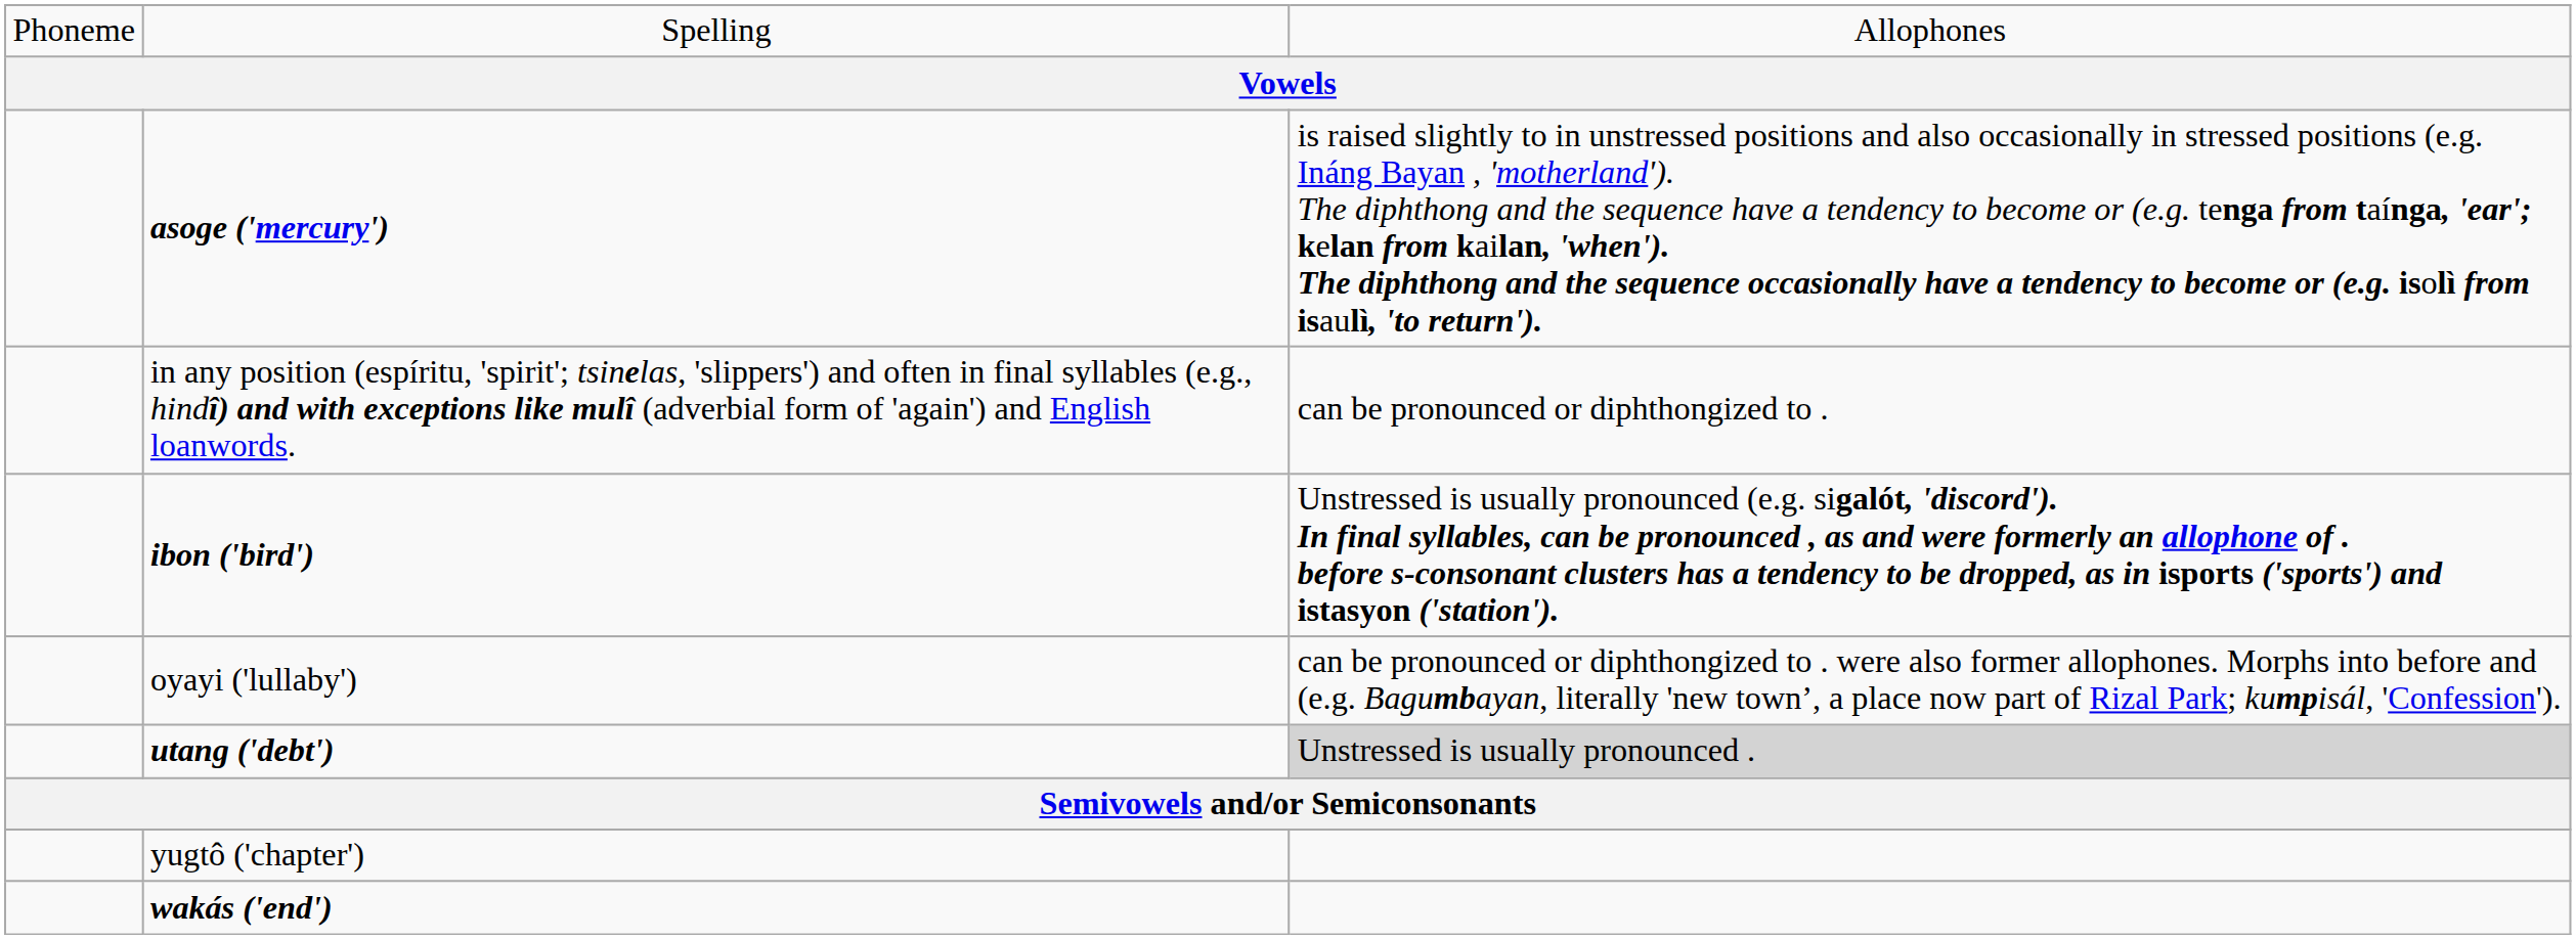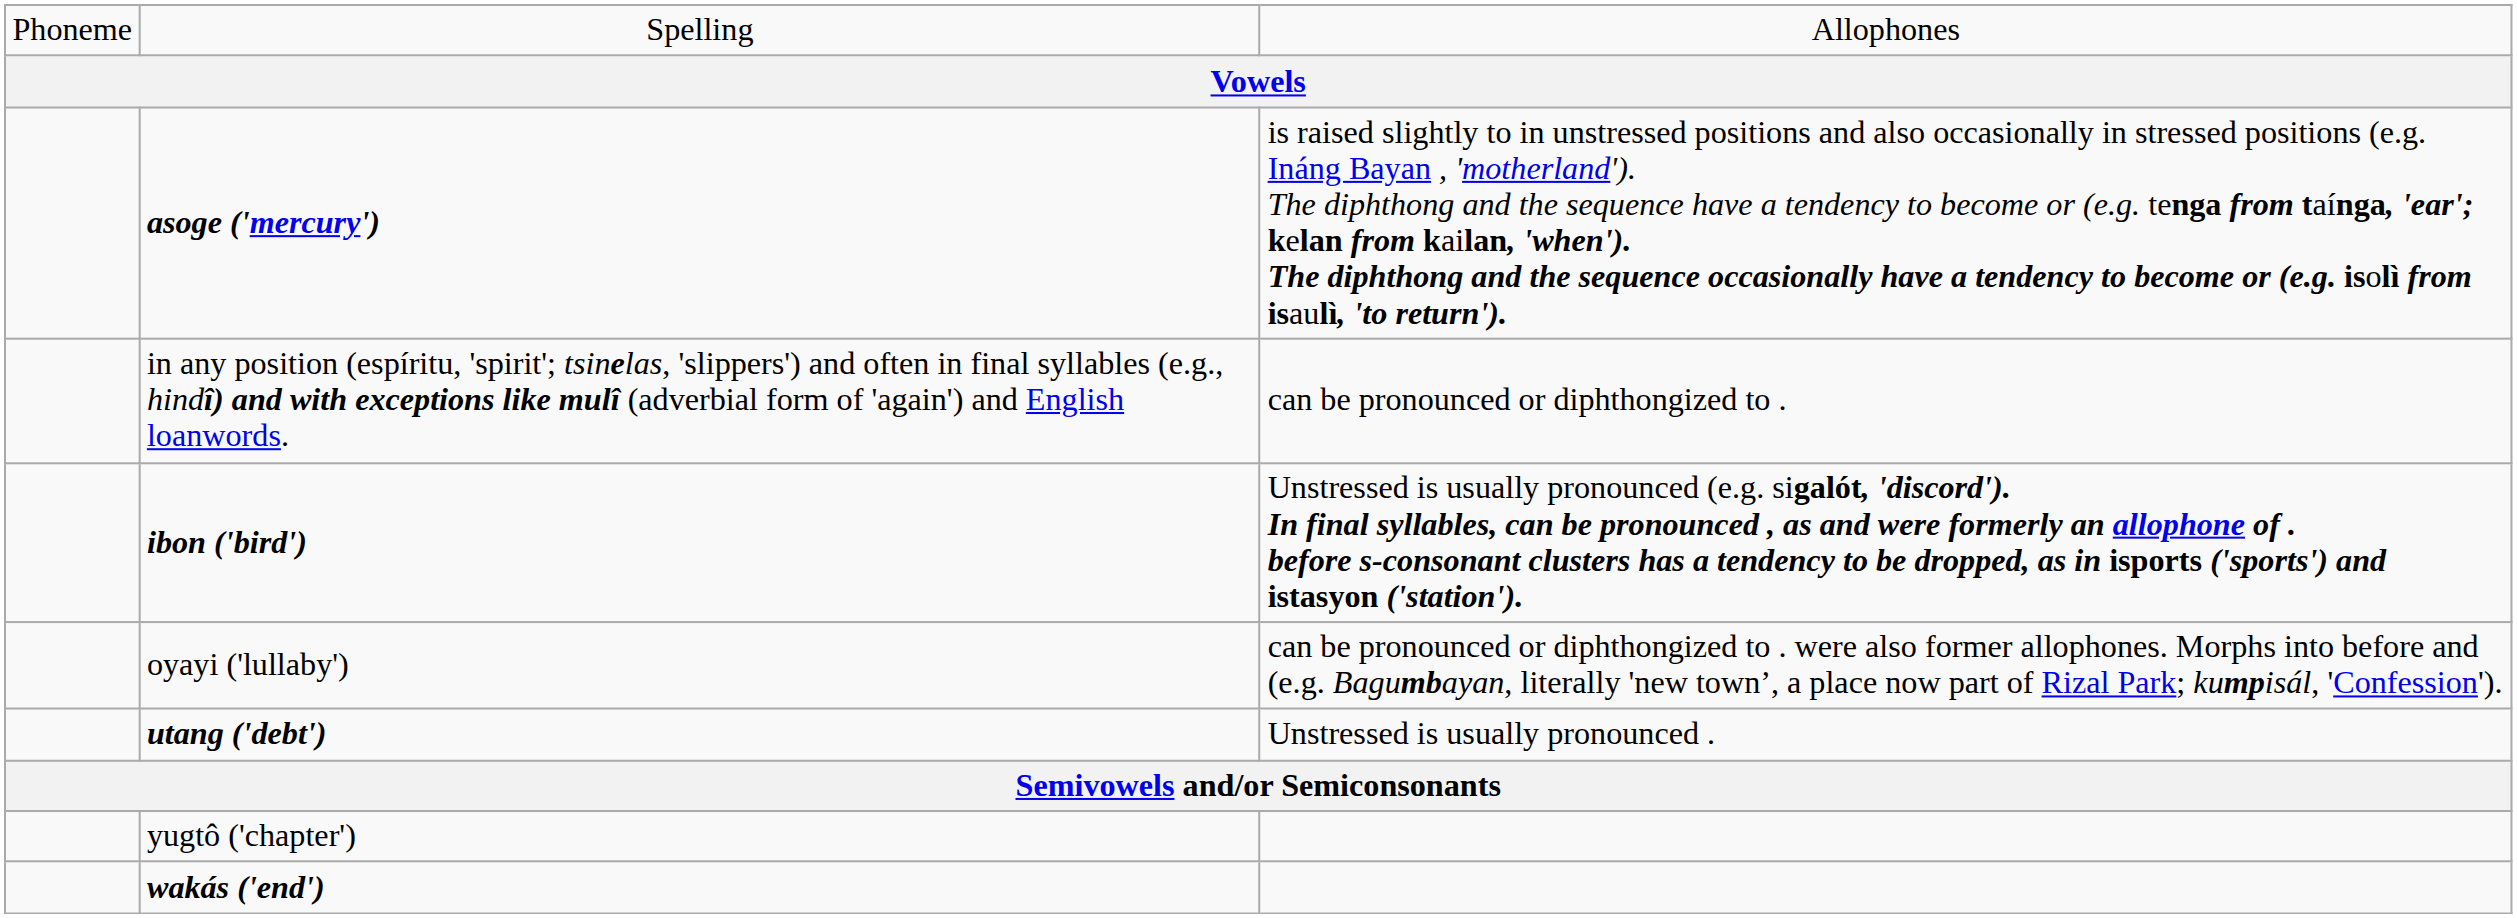 <table class="wikitable">
 <tr style="text-align: center;">
 <td>Phoneme</td>
 <td>Spelling</td>
 <td>Allophones</td>
 </tr>
 <tr>
 <th colspan="4" style="text-align: center;"><strong><a href='#'>Vowels</a></strong></th>
 </tr>
 <tr>
 <td></td>
 <td> <strong><em>a<strong>soge<em> ('<a href='#'>mercury</a>')</td>
 <td> is raised slightly to  in unstressed positions and also occasionally in stressed positions (e.g. </em><a href='#'>Ináng Bayan</a><em> , '<a href='#'>motherland</a>').<br>The diphthong  and the sequence  have a tendency to become  or  (e.g. </em>t</strong>e<strong>nga<em> from </em>t</strong>aí<strong>nga<em>, 'ear'; </em>k</strong>e<strong>lan<em> from </em>k</strong>ai<strong>lan<em>, 'when').<br>The diphthong  and the sequence  occasionally have a tendency to become  or  (e.g. </em>is</strong>o<strong>lì<em> from </em>is</strong>au<strong>lì<em>, 'to return').</td>
 </tr>
 <tr>
 <td></td>
 <td> in any position (</em></strong>e</strong>spíritu</em>, 'spirit'; <em>tsin<strong>e</strong>las</em>, 'slippers') and often  in final syllables (e.g., <em>hind<strong>î<strong><em>) and with exceptions like </em>mul</strong>î</em></strong> (adverbial form of 'again') and <a href='#'>English loanwords</a>.</td>
 <td> can be pronounced  or  diphthongized to .</td>
 </tr>
 <tr>
 <td></td>
 <td> <strong><em>i<strong>bon<em> ('bird')</td>
 <td>Unstressed  is usually pronounced  (e.g. </em>s</strong>i<strong>galót<em>, 'discord').<br>In final syllables,  can be pronounced , as  and  were formerly an <a href='#'>allophone</a> of .<br> before s-consonant clusters has a tendency to be dropped, as in </em>isports<em>  ('sports') and </em>istasyon<em>  ('station').</td>
 </tr>
 <tr>
 <td></td>
 <td> </em></strong>o</strong>yayi</em> ('lullaby')</td>
 <td> can be pronounced  or diphthongized to .  were also former allophones. Morphs into  before  and  (e.g. <em>Bagu<strong>mb</strong>ayan</em>, literally 'new town’, a place now part of <a href='#'>Rizal Park</a>; <em>ku<strong>mp</strong>isál</em>, '<a href='#'>Confession</a>').</td>
 </tr>
 <tr>
 <td></td>
 <td> <strong><em>u<strong>tang<em> ('debt')</td>
-<td style="background: lightgrey;">Unstressed  is usually pronounced .</td>
+<td>Unstressed  is usually pronounced .</td>
 </tr>
 <tr>
 <th colspan="4" style="text-align: center;"></strong><a href='#'>Semivowels</a> and/or Semiconsonants<strong></th>
 </tr>
 <tr>
 <td></td>
 <td> </em></strong>y</strong>ugtô</em> ('chapter')</td>
 <td></td>
 </tr>
 <tr>
 <td></td>
 <td> <strong><em>w<strong>akás<em> ('end')</td>
 <td></td>
 </tr>
 </table>
